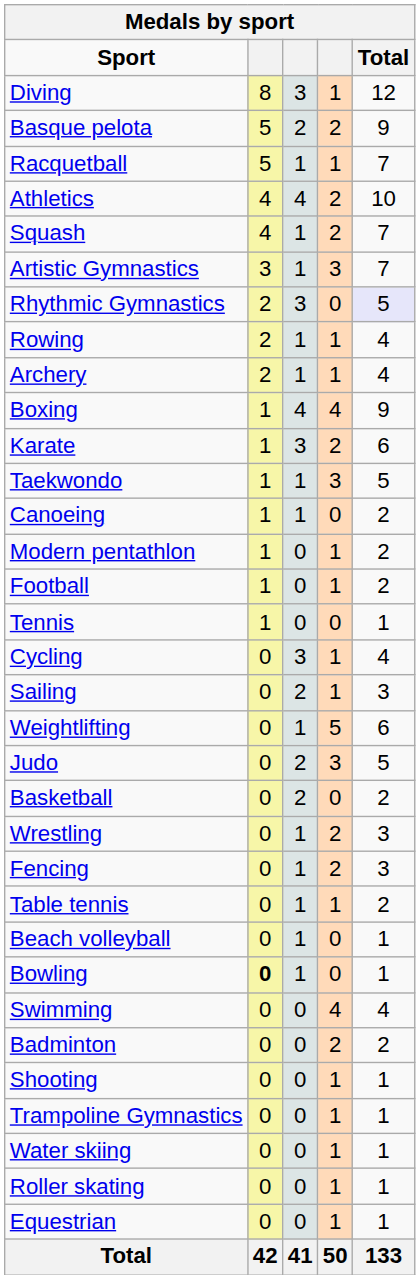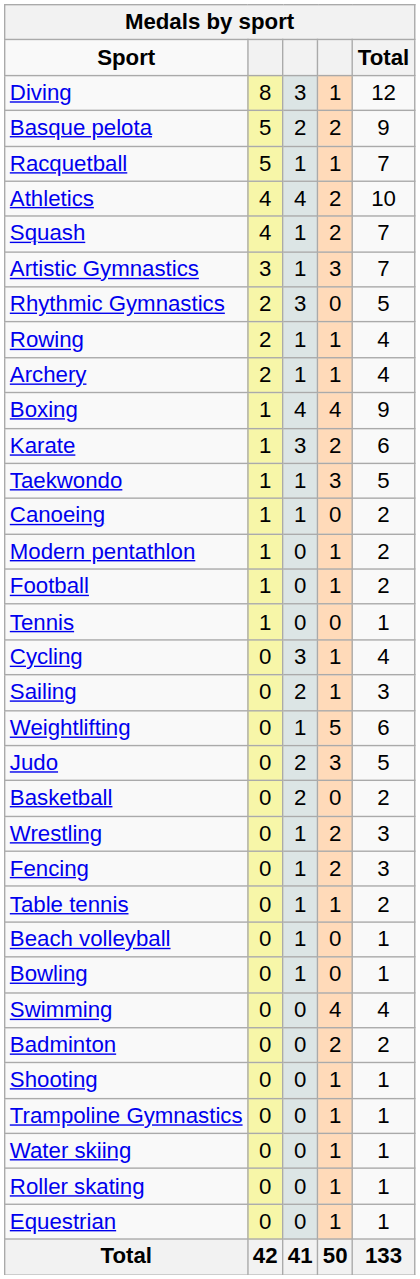 <table class="wikitable" border="1"  style="size:95%">
 <tr>
 <th colspan=5>Medals by sport</th>
 </tr>
 <tr align=center>
 <td><strong>Sport</strong></td>
 <th bgcolor=#f7f6a8></th>
 <th bgcolor=#dce5e5></th>
 <th bgcolor=#ffdab9></th>
 <th>Total</th>
 </tr>
 <tr align=center>
 <td align=left><a href='#'>Diving</a></td>
 <td bgcolor=#f7f6a8>8</td>
 <td bgcolor=#dce5e5>3</td>
 <td bgcolor=#ffdab9>1</td>
 <td>12</td>
 </tr>
 <tr align=center>
 <td align=left><a href='#'>Basque pelota</a></td>
 <td bgcolor=#f7f6a8>5</td>
 <td bgcolor=#dce5e5>2</td>
 <td bgcolor=#ffdab9>2</td>
 <td>9</td>
 </tr>
 <tr align=center>
 <td align=left><a href='#'>Racquetball</a></td>
 <td bgcolor=#f7f6a8>5</td>
 <td bgcolor=#dce5e5>1</td>
 <td bgcolor=#ffdab9>1</td>
 <td>7</td>
 </tr>
 <tr align=center>
 <td align=left><a href='#'>Athletics</a></td>
 <td bgcolor=#f7f6a8>4</td>
 <td bgcolor=#dce5e5>4</td>
 <td bgcolor=#ffdab9>2</td>
 <td>10</td>
 </tr>
 <tr align=center>
 <td align=left><a href='#'>Squash</a></td>
 <td bgcolor=#f7f6a8>4</td>
 <td bgcolor=#dce5e5>1</td>
 <td bgcolor=#ffdab9>2</td>
 <td>7</td>
 </tr>
 <tr align=center>
 <td align=left><a href='#'>Artistic Gymnastics</a></td>
 <td bgcolor=#f7f6a8>3</td>
 <td bgcolor=#dce5e5>1</td>
 <td bgcolor=#ffdab9>3</td>
 <td>7</td>
 </tr>
 <tr align=center>
 <td align=left><a href='#'>Rhythmic Gymnastics</a></td>
 <td bgcolor=#f7f6a8>2</td>
 <td bgcolor=#dce5e5>3</td>
 <td bgcolor=#ffdab9>0</td>
-<td style="background: lavender;">5</td>
+<td>5</td>
 </tr>
 <tr align=center>
 <td align=left><a href='#'>Rowing</a></td>
 <td bgcolor=#f7f6a8>2</td>
 <td bgcolor=#dce5e5>1</td>
 <td bgcolor=#ffdab9>1</td>
 <td>4</td>
 </tr>
 <tr align=center>
 <td align=left><a href='#'>Archery</a></td>
 <td bgcolor=#f7f6a8>2</td>
 <td bgcolor=#dce5e5>1</td>
 <td bgcolor=#ffdab9>1</td>
 <td>4</td>
 </tr>
 <tr align=center>
 <td align=left><a href='#'>Boxing</a></td>
 <td bgcolor=#f7f6a8>1</td>
 <td bgcolor=#dce5e5>4</td>
 <td bgcolor=#ffdab9>4</td>
 <td>9</td>
 </tr>
 <tr align=center>
 <td align=left><a href='#'>Karate</a></td>
 <td bgcolor=#f7f6a8>1</td>
 <td bgcolor=#dce5e5>3</td>
 <td bgcolor=#ffdab9>2</td>
 <td>6</td>
 </tr>
 <tr align=center>
 <td align=left><a href='#'>Taekwondo</a></td>
 <td bgcolor=#f7f6a8>1</td>
 <td bgcolor=#dce5e5>1</td>
 <td bgcolor=#ffdab9>3</td>
 <td>5</td>
 </tr>
 <tr align=center>
 <td align=left><a href='#'>Canoeing</a></td>
 <td bgcolor=#f7f6a8>1</td>
 <td bgcolor=#dce5e5>1</td>
 <td bgcolor=#ffdab9>0</td>
 <td>2</td>
 </tr>
 <tr align=center>
 <td align=left><a href='#'>Modern pentathlon</a></td>
 <td bgcolor=#f7f6a8>1</td>
 <td bgcolor=#dce5e5>0</td>
 <td bgcolor=#ffdab9>1</td>
 <td>2</td>
 </tr>
 <tr align=center>
 <td align=left><a href='#'>Football</a></td>
 <td bgcolor=#f7f6a8>1</td>
 <td bgcolor=#dce5e5>0</td>
 <td bgcolor=#ffdab9>1</td>
 <td>2</td>
 </tr>
 <tr align=center>
 <td align=left><a href='#'>Tennis</a></td>
 <td bgcolor=#f7f6a8>1</td>
 <td bgcolor=#dce5e5>0</td>
 <td bgcolor=#ffdab9>0</td>
 <td>1</td>
 </tr>
 <tr align=center>
 <td align=left><a href='#'>Cycling</a></td>
 <td bgcolor=#f7f6a8>0</td>
 <td bgcolor=#dce5e5>3</td>
 <td bgcolor=#ffdab9>1</td>
 <td>4</td>
 </tr>
 <tr align=center>
 <td align=left><a href='#'>Sailing</a></td>
 <td bgcolor=#f7f6a8>0</td>
 <td bgcolor=#dce5e5>2</td>
 <td bgcolor=#ffdab9>1</td>
 <td>3</td>
 </tr>
 <tr align=center>
 <td align=left><a href='#'>Weightlifting</a></td>
 <td bgcolor=#f7f6a8>0</td>
 <td bgcolor=#dce5e5>1</td>
 <td bgcolor=#ffdab9>5</td>
 <td>6</td>
 </tr>
 <tr align=center>
 <td align=left><a href='#'>Judo</a></td>
 <td bgcolor=#f7f6a8>0</td>
 <td bgcolor=#dce5e5>2</td>
 <td bgcolor=#ffdab9>3</td>
 <td>5</td>
 </tr>
 <tr align=center>
 <td align=left><a href='#'>Basketball</a></td>
 <td bgcolor=#f7f6a8>0</td>
 <td bgcolor=#dce5e5>2</td>
 <td bgcolor=#ffdab9>0</td>
 <td>2</td>
 </tr>
 <tr align=center>
 <td align=left><a href='#'>Wrestling</a></td>
 <td bgcolor=#f7f6a8>0</td>
 <td bgcolor=#dce5e5>1</td>
 <td bgcolor=#ffdab9>2</td>
 <td>3</td>
 </tr>
 <tr align=center>
 <td align=left><a href='#'>Fencing</a></td>
 <td bgcolor=#f7f6a8>0</td>
 <td bgcolor=#dce5e5>1</td>
 <td bgcolor=#ffdab9>2</td>
 <td>3</td>
 </tr>
 <tr align=center>
 <td align=left><a href='#'>Table tennis</a></td>
 <td bgcolor=#f7f6a8>0</td>
 <td bgcolor=#dce5e5>1</td>
 <td bgcolor=#ffdab9>1</td>
 <td>2</td>
 </tr>
 <tr align=center>
 <td align=left><a href='#'>Beach volleyball</a></td>
 <td bgcolor=#f7f6a8>0</td>
 <td bgcolor=#dce5e5>1</td>
 <td bgcolor=#ffdab9>0</td>
 <td>1</td>
 </tr>
 <tr align=center>
 <td align=left><a href='#'>Bowling</a></td>
-<td bgcolor=#f7f6a8><strong>0</strong></td>
+<td bgcolor=#f7f6a8>0</td>
 <td bgcolor=#dce5e5>1</td>
 <td bgcolor=#ffdab9>0</td>
 <td>1</td>
 </tr>
 <tr align=center>
 <td align=left><a href='#'>Swimming</a></td>
 <td bgcolor=#f7f6a8>0</td>
 <td bgcolor=#dce5e5>0</td>
 <td bgcolor=#ffdab9>4</td>
 <td>4</td>
 </tr>
 <tr align=center>
 <td align=left><a href='#'>Badminton</a></td>
 <td bgcolor=#f7f6a8>0</td>
 <td bgcolor=#dce5e5>0</td>
 <td bgcolor=#ffdab9>2</td>
 <td>2</td>
 </tr>
 <tr align=center>
 <td align=left><a href='#'>Shooting</a></td>
 <td bgcolor=#f7f6a8>0</td>
 <td bgcolor=#dce5e5>0</td>
 <td bgcolor=#ffdab9>1</td>
 <td>1</td>
 </tr>
 <tr align=center>
 <td align=left><a href='#'>Trampoline Gymnastics</a></td>
 <td bgcolor=#f7f6a8>0</td>
 <td bgcolor=#dce5e5>0</td>
 <td bgcolor=#ffdab9>1</td>
 <td>1</td>
 </tr>
 <tr align=center>
 <td align=left><a href='#'>Water skiing</a></td>
 <td bgcolor=#f7f6a8>0</td>
 <td bgcolor=#dce5e5>0</td>
 <td bgcolor=#ffdab9>1</td>
 <td>1</td>
 </tr>
 <tr align=center>
 <td align=left><a href='#'>Roller skating</a></td>
 <td bgcolor=#f7f6a8>0</td>
 <td bgcolor=#dce5e5>0</td>
 <td bgcolor=#ffdab9>1</td>
 <td>1</td>
 </tr>
 <tr align=center>
 <td align=left><a href='#'>Equestrian</a></td>
 <td bgcolor=#f7f6a8>0</td>
 <td bgcolor=#dce5e5>0</td>
 <td bgcolor=#ffdab9>1</td>
 <td>1</td>
 </tr>
 <tr align=center>
 <th bgcolor=#efefef>Total</th>
 <th bgcolor=#f7f6a8>42</th>
 <th bgcolor=#dce5e5>41</th>
 <th bgcolor=#ffdab9>50</th>
 <th>133</th>
 </tr>
 </table>
